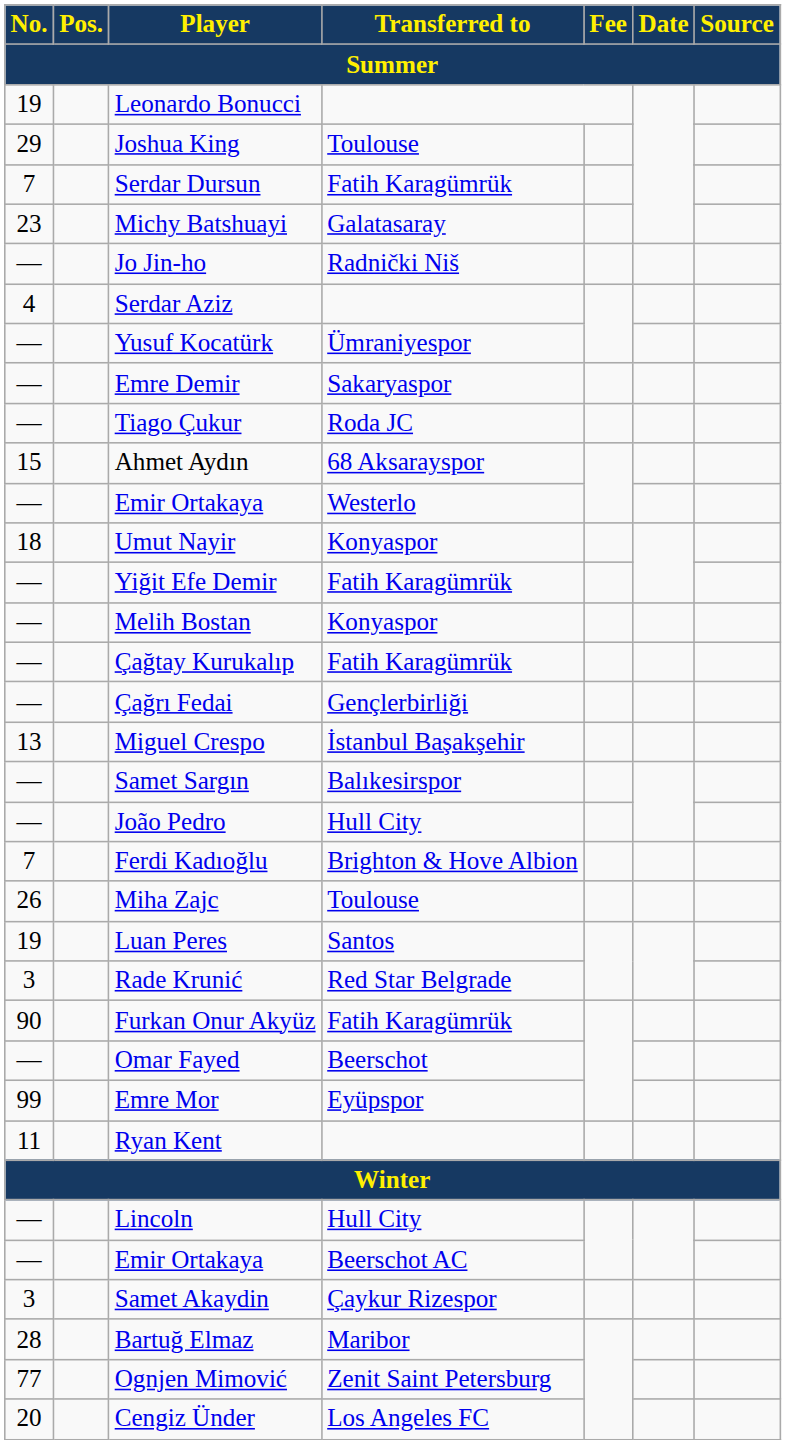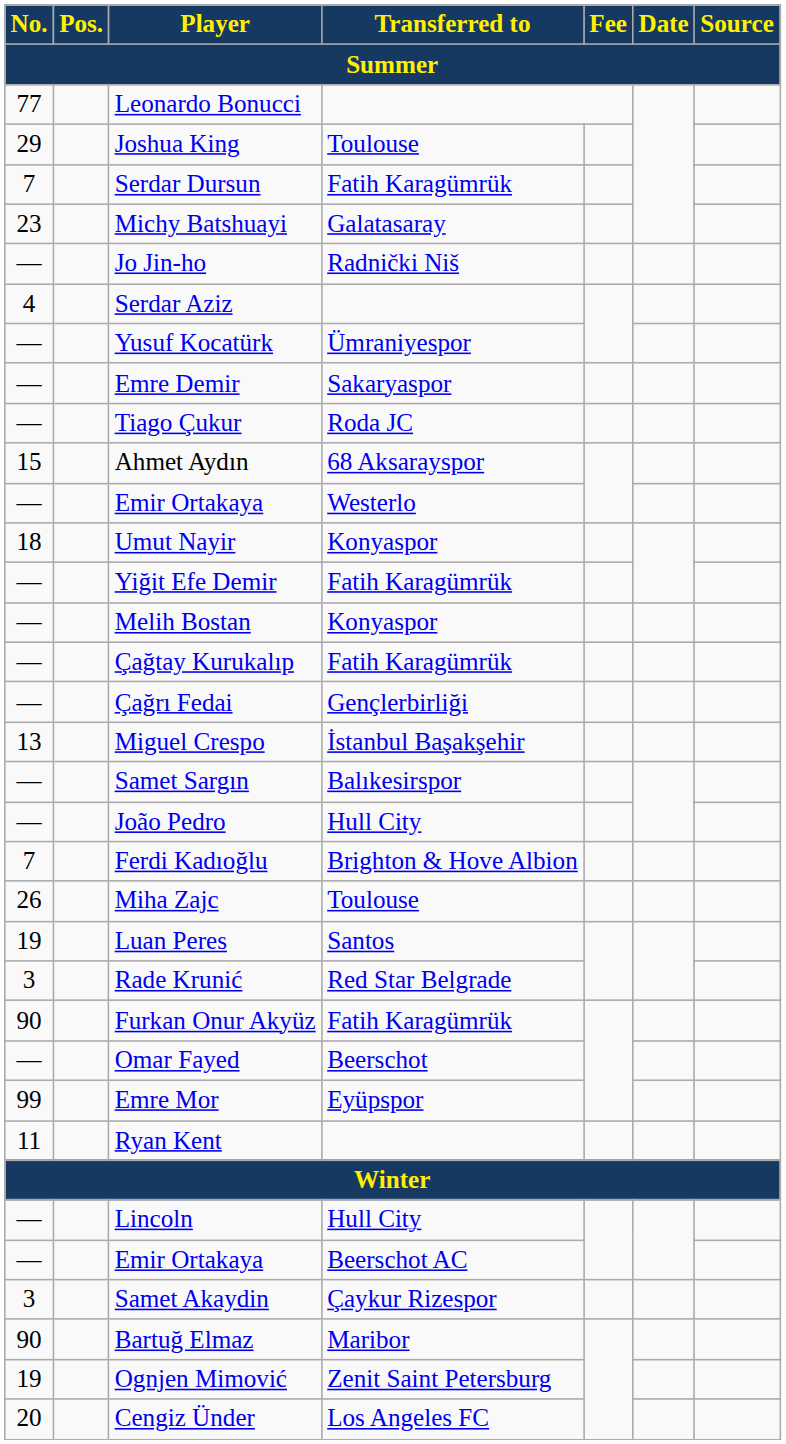 <table class="wikitable plainrowheaders sortable">
 <tr>
 <th style="background:#163962; color:#FFF000; ">No.</th>
 <th style="background:#163962; color:#FFF000; ">Pos.</th>
 <th style="background:#163962; color:#FFF000; ">Player</th>
 <th style="background:#163962; color:#FFF000; ">Transferred to</th>
 <th style="background:#163962; color:#FFF000; ">Fee</th>
 <th style="background:#163962; color:#FFF000; ">Date</th>
 <th style="background:#163962; color:#FFF000; ">Source</th>
 </tr>
 <tr>
 <th colspan=7 style="background:#163962;color:#FFF000;">Summer</th>
 </tr>
 <tr>
-<td align=center>19</td>
+<td align=center>77</td>
 <td align=center></td>
 <td> <a href='#'>Leonardo Bonucci</a></td>
 <td colspan=2 align=center></td>
 <td rowspan=4></td>
 <td align=center></td>
 </tr>
 <tr>
 <td align=center>29</td>
 <td align=center></td>
 <td> <a href='#'>Joshua King</a></td>
 <td> <a href='#'>Toulouse</a></td>
 <td></td>
 <td align=center></td>
 </tr>
 <tr>
 <td align=center>7</td>
 <td align=center></td>
 <td> <a href='#'>Serdar Dursun</a></td>
 <td> <a href='#'>Fatih Karagümrük</a></td>
 <td></td>
 <td align=center></td>
 </tr>
 <tr>
 <td align=center>23</td>
 <td align=center></td>
 <td> <a href='#'>Michy Batshuayi</a></td>
 <td> <a href='#'>Galatasaray</a></td>
 <td></td>
 <td align=center></td>
 </tr>
 <tr>
 <td align=center>—</td>
 <td align=center></td>
 <td> <a href='#'>Jo Jin-ho</a></td>
 <td> <a href='#'>Radnički Niš</a></td>
 <td></td>
 <td></td>
 <td align=center></td>
 </tr>
 <tr>
 <td align=center>4</td>
 <td align=center></td>
 <td> <a href='#'>Serdar Aziz</a></td>
 <td></td>
 <td rowspan=2></td>
 <td></td>
 <td align=center></td>
 </tr>
 <tr>
 <td align=center>—</td>
 <td align=center></td>
 <td> <a href='#'>Yusuf Kocatürk</a></td>
 <td> <a href='#'>Ümraniyespor</a></td>
 <td></td>
 <td align=center></td>
 </tr>
 <tr>
 <td align=center>—</td>
 <td align=center></td>
 <td> <a href='#'>Emre Demir</a></td>
 <td> <a href='#'>Sakaryaspor</a></td>
 <td></td>
 <td></td>
 <td align=center></td>
 </tr>
 <tr>
 <td align=center>—</td>
 <td align=center></td>
 <td> <a href='#'>Tiago Çukur</a></td>
 <td> <a href='#'>Roda JC</a></td>
 <td></td>
 <td></td>
 <td align=center></td>
 </tr>
 <tr>
 <td align=center>15</td>
 <td align=center></td>
 <td> Ahmet Aydın</td>
 <td> <a href='#'>68 Aksarayspor</a></td>
 <td rowspan=2></td>
 <td></td>
 <td align=center></td>
 </tr>
 <tr>
 <td align=center>—</td>
 <td align=center></td>
 <td> <a href='#'>Emir Ortakaya</a></td>
 <td> <a href='#'>Westerlo</a></td>
 <td></td>
 <td align=center></td>
 </tr>
 <tr>
 <td align=center>18</td>
 <td align=center></td>
 <td> <a href='#'>Umut Nayir</a></td>
 <td> <a href='#'>Konyaspor</a></td>
 <td></td>
 <td rowspan=2></td>
 <td align=center></td>
 </tr>
 <tr>
 <td align=center>—</td>
 <td align=center></td>
 <td> <a href='#'>Yiğit Efe Demir</a></td>
 <td> <a href='#'>Fatih Karagümrük</a></td>
 <td></td>
 <td align=center></td>
 </tr>
 <tr>
 <td align=center>—</td>
 <td align=center></td>
 <td> <a href='#'>Melih Bostan</a></td>
 <td> <a href='#'>Konyaspor</a></td>
 <td></td>
 <td></td>
 <td align=center></td>
 </tr>
 <tr>
 <td align=center>—</td>
 <td align=center></td>
 <td> <a href='#'>Çağtay Kurukalıp</a></td>
 <td> <a href='#'>Fatih Karagümrük</a></td>
 <td></td>
 <td></td>
 <td align=center></td>
 </tr>
 <tr>
 <td align=center>—</td>
 <td align=center></td>
 <td> <a href='#'>Çağrı Fedai</a></td>
 <td> <a href='#'>Gençlerbirliği</a></td>
 <td></td>
 <td></td>
 <td align=center></td>
 </tr>
 <tr>
 <td align=center>13</td>
 <td align=center></td>
 <td> <a href='#'>Miguel Crespo</a></td>
 <td> <a href='#'>İstanbul Başakşehir</a></td>
 <td></td>
 <td></td>
 <td align=center></td>
 </tr>
 <tr>
 <td align=center>—</td>
 <td align=center></td>
 <td> <a href='#'>Samet Sargın</a></td>
 <td> <a href='#'>Balıkesirspor</a></td>
 <td></td>
 <td rowspan=2></td>
 <td align=center></td>
 </tr>
 <tr>
 <td align=center>—</td>
 <td align=center></td>
 <td> <a href='#'>João Pedro</a></td>
 <td> <a href='#'>Hull City</a></td>
 <td></td>
 <td align=center></td>
 </tr>
 <tr>
 <td align=center>7</td>
 <td align=center></td>
 <td> <a href='#'>Ferdi Kadıoğlu</a></td>
 <td> <a href='#'>Brighton & Hove Albion</a></td>
 <td></td>
 <td></td>
 <td align=center></td>
 </tr>
 <tr>
 <td align=center>26</td>
 <td align=center></td>
 <td> <a href='#'>Miha Zajc</a></td>
 <td> <a href='#'>Toulouse</a></td>
 <td></td>
 <td></td>
 <td align=center></td>
 </tr>
 <tr>
 <td align=center>19</td>
 <td align=center></td>
 <td> <a href='#'>Luan Peres</a></td>
 <td> <a href='#'>Santos</a></td>
 <td rowspan=2></td>
 <td rowspan=2></td>
 <td align=center></td>
 </tr>
 <tr>
 <td align=center>3</td>
 <td align=center></td>
 <td> <a href='#'>Rade Krunić</a></td>
 <td> <a href='#'>Red Star Belgrade</a></td>
 <td align=center></td>
 </tr>
 <tr>
 <td align=center>90</td>
 <td align=center></td>
 <td> <a href='#'>Furkan Onur Akyüz</a></td>
 <td> <a href='#'>Fatih Karagümrük</a></td>
 <td rowspan=3></td>
 <td></td>
 <td align=center></td>
 </tr>
 <tr>
 <td align=center>—</td>
 <td align=center></td>
 <td> <a href='#'>Omar Fayed</a></td>
 <td> <a href='#'>Beerschot</a></td>
 <td></td>
 <td align=center></td>
 </tr>
 <tr>
 <td align=center>99</td>
 <td align=center></td>
 <td> <a href='#'>Emre Mor</a></td>
 <td> <a href='#'>Eyüpspor</a></td>
 <td></td>
 <td align=center></td>
 </tr>
 <tr>
 <td align=center>11</td>
 <td align=center></td>
 <td> <a href='#'>Ryan Kent</a></td>
 <td></td>
 <td></td>
 <td></td>
 <td align=center></td>
 </tr>
 <tr>
 <th colspan=7 style="background:#163962;color:#FFF000;">Winter</th>
 </tr>
 <tr>
 <td align=center>—</td>
 <td align=center></td>
 <td> <a href='#'>Lincoln</a></td>
 <td> <a href='#'>Hull City</a></td>
 <td rowspan=2></td>
 <td rowspan=2></td>
 <td align=center></td>
 </tr>
 <tr>
 <td align=center>—</td>
 <td align=center></td>
 <td> <a href='#'>Emir Ortakaya</a></td>
 <td> <a href='#'>Beerschot AC</a></td>
 <td align=center></td>
 </tr>
 <tr>
 <td align=center>3</td>
 <td align=center></td>
 <td> <a href='#'>Samet Akaydin</a></td>
 <td> <a href='#'>Çaykur Rizespor</a></td>
 <td></td>
 <td></td>
 <td align=center></td>
 </tr>
 <tr>
-<td align=center>28</td>
+<td align=center>90</td>
 <td align=center></td>
 <td> <a href='#'>Bartuğ Elmaz</a></td>
 <td> <a href='#'>Maribor</a></td>
 <td rowspan=3></td>
 <td></td>
 <td align=center></td>
 </tr>
 <tr>
-<td align=center>77</td>
+<td align=center>19</td>
 <td align=center></td>
 <td> <a href='#'>Ognjen Mimović</a></td>
 <td> <a href='#'>Zenit Saint Petersburg</a></td>
 <td></td>
 <td align=center></td>
 </tr>
 <tr>
 <td align=center>20</td>
 <td align=center></td>
 <td> <a href='#'>Cengiz Ünder</a></td>
 <td> <a href='#'>Los Angeles FC</a></td>
 <td></td>
 <td align=center></td>
 </tr>
 </table>
